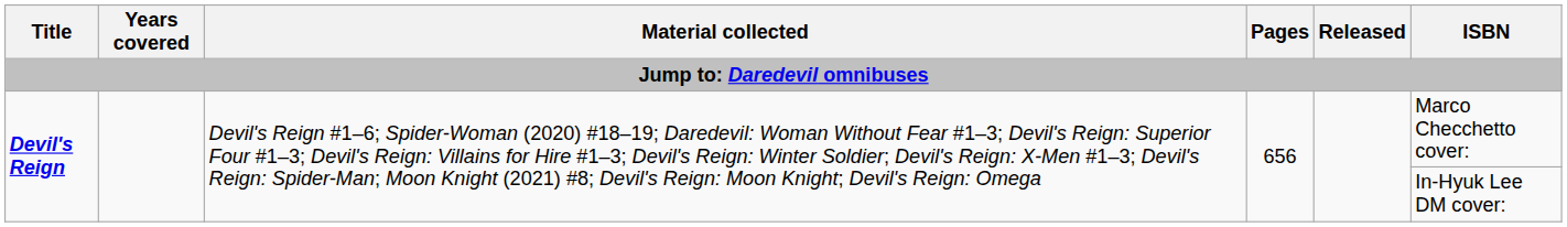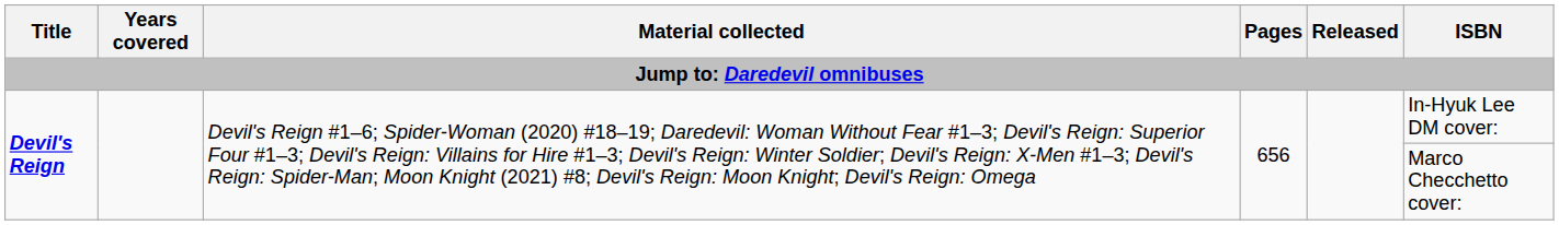 <table class="wikitable sortable" width="99%">
 <tr>
 <th>Title</th>
 <th>Years covered</th>
 <th class="unsortable">Material collected</th>
 <th>Pages</th>
 <th>Released</th>
 <th class="unsortable">ISBN</th>
 </tr>
 <tr>
 <th colspan=8 style="background-color: silver;">Jump to: <a href='#'><em>Daredevil</em> omnibuses</a></th>
 </tr>
 <tr>
 <td rowspan=2><strong><em><a href='#'>Devil's Reign</a></em></strong></td>
 <td rowspan=2></td>
 <td rowspan=2><em>Devil's Reign</em> #1–6; <em>Spider-Woman</em> (2020) #18–19; <em>Daredevil: Woman Without Fear</em> #1–3; <em>Devil's Reign: Superior Four</em> #1–3; <em>Devil's Reign: Villains for Hire</em> #1–3; <em>Devil's Reign: Winter Soldier</em>; <em>Devil's Reign: X-Men</em> #1–3; <em>Devil's Reign: Spider-Man</em>; <em>Moon Knight</em> (2021) #8; <em>Devil's Reign: Moon Knight</em>; <em>Devil's Reign: Omega</em></td>
 <td rowspan=2 style="text-align: center;">656</td>
 <td rowspan=2></td>
+<td>In-Hyuk Lee DM cover: </td>
+</tr>
+<tr>
 <td>Marco Checchetto cover: </td>
 </tr>
-<tr>
-<td>In-Hyuk Lee DM cover: </td>
-</tr>
 </table>
